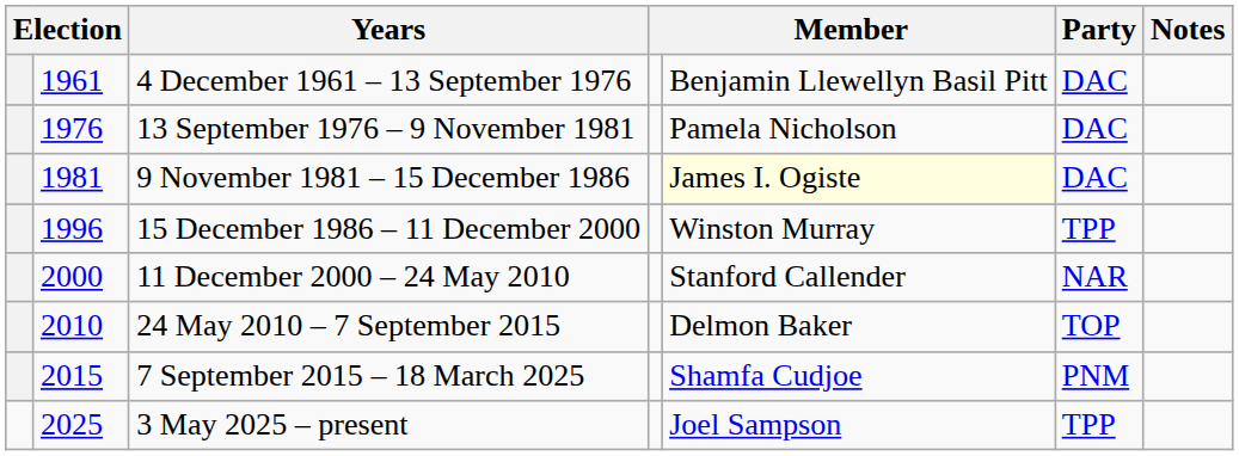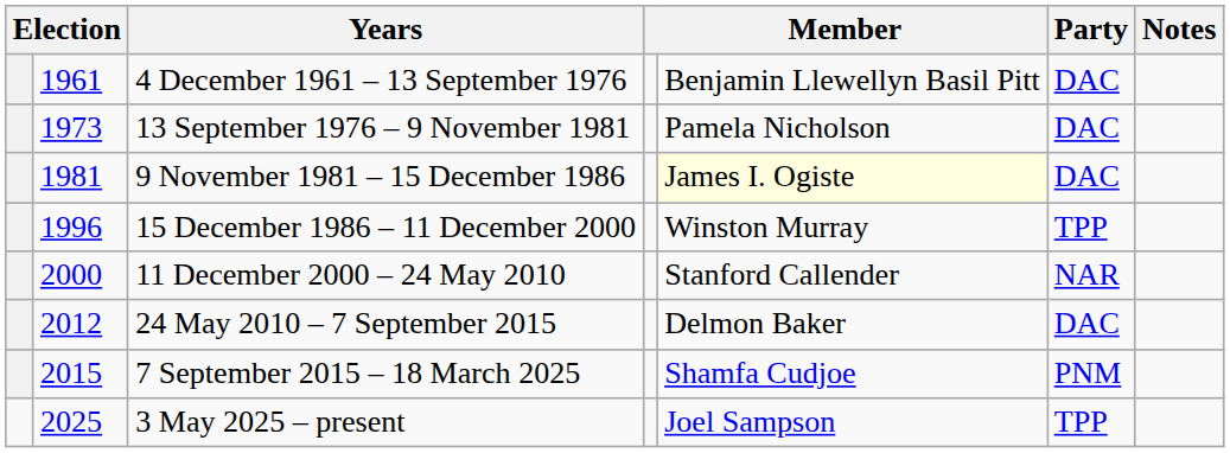 <table class="wikitable sortable" style="valign:top">
 <tr>
 <th colspan="2">Election</th>
 <th>Years</th>
 <th colspan="2">Member</th>
 <th>Party</th>
 <th>Notes</th>
 </tr>
 <tr>
 <th style="background-color: "></th>
 <td><a href='#'>1961</a></td>
 <td>4 December 1961 – 13 September 1976</td>
 <td></td>
 <td>Benjamin Llewellyn Basil Pitt</td>
 <td><a href='#'>DAC</a></td>
 <td></td>
 </tr>
 <tr>
 <th style="background-color: "></th>
-<td><a href='#'>1976</a></td>
+<td><a href='#'>1973</a></td>
 <td>13 September 1976 – 9 November 1981</td>
 <td></td>
 <td>Pamela Nicholson</td>
 <td><a href='#'>DAC</a></td>
 <td></td>
 </tr>
 <tr>
 <th style="background-color: "></th>
 <td><a href='#'>1981</a></td>
 <td>9 November 1981 – 15 December 1986</td>
 <td></td>
 <td style="background: lightyellow;">James I. Ogiste</td>
 <td><a href='#'>DAC</a></td>
 <td></td>
 </tr>
 <tr>
 <th style="background-color: "></th>
 <td><a href='#'>1996</a></td>
 <td>15 December 1986 – 11 December 2000</td>
 <td></td>
 <td>Winston Murray</td>
 <td><a href='#'>TPP</a></td>
 <td></td>
 </tr>
 <tr>
 <th style="background-color: "></th>
 <td><a href='#'>2000</a></td>
 <td>11 December 2000 – 24 May 2010</td>
 <td></td>
 <td>Stanford Callender</td>
 <td><a href='#'>NAR</a></td>
 <td></td>
 </tr>
 <tr>
 <th style="background-color: "></th>
-<td><a href='#'>2010</a></td>
+<td><a href='#'>2012</a></td>
 <td>24 May 2010 – 7 September 2015</td>
 <td></td>
 <td>Delmon Baker</td>
-<td><a href='#'>TOP</a></td>
+<td><a href='#'>DAC</a></td>
 <td></td>
 </tr>
 <tr>
 <th style="background-color: "></th>
 <td><a href='#'>2015</a></td>
 <td>7 September 2015 – 18 March 2025</td>
 <td></td>
 <td><a href='#'>Shamfa Cudjoe</a></td>
 <td><a href='#'>PNM</a></td>
 <td></td>
 </tr>
 <tr>
 <td style="background:"> </td>
 <td><a href='#'>2025</a></td>
 <td>3 May 2025 – present</td>
 <td></td>
 <td><a href='#'>Joel Sampson</a></td>
 <td><a href='#'>TPP</a></td>
 <td></td>
 </tr>
 </table>
